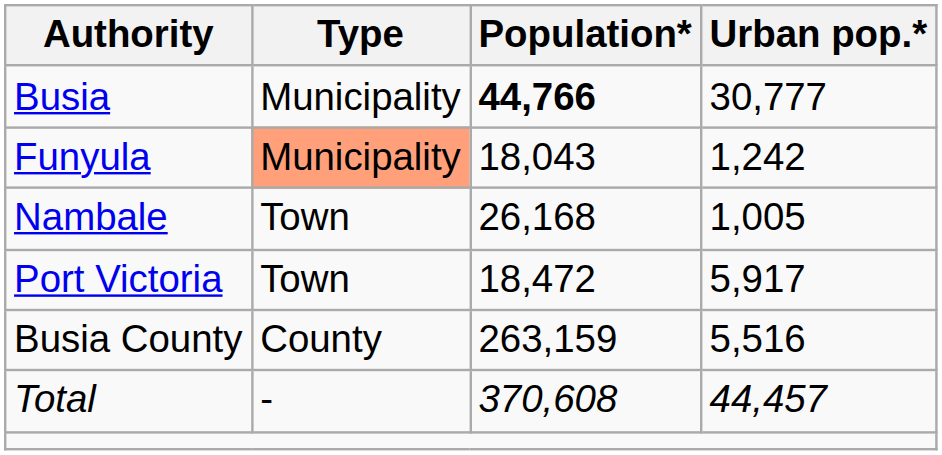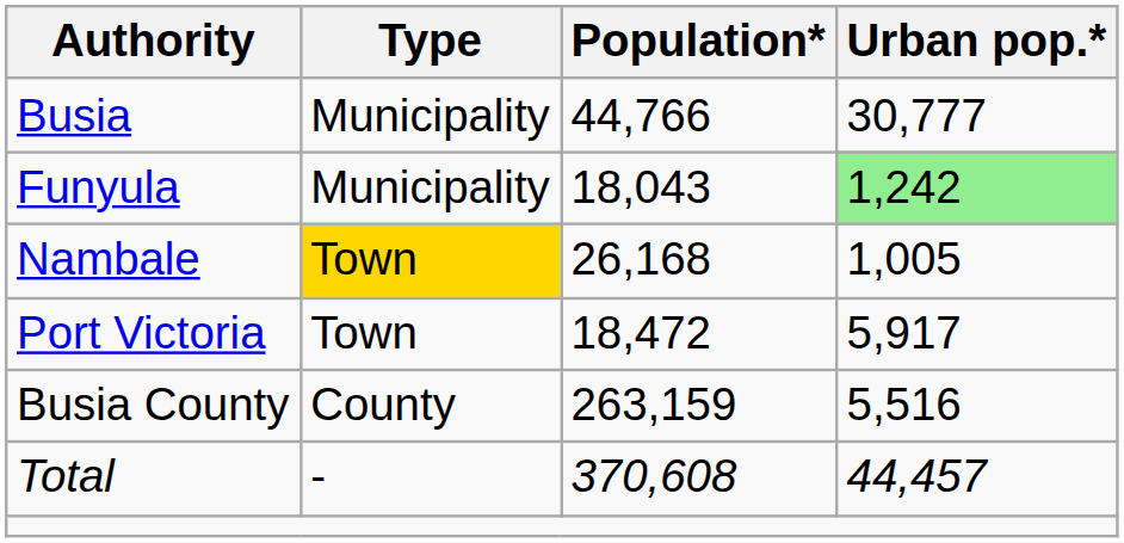 <table class="wikitable">
 <tr>
 <th>Authority</th>
 <th>Type</th>
 <th>Population*</th>
 <th>Urban pop.*</th>
 </tr>
 <tr>
 <td><a href='#'>Busia</a></td>
 <td>Municipality</td>
-<td><strong>44,766</strong></td>
+<td>44,766</td>
 <td>30,777</td>
 </tr>
 <tr>
 <td><a href='#'>Funyula</a></td>
-<td style="background: lightsalmon;">Municipality</td>
+<td>Municipality</td>
 <td>18,043</td>
-<td>1,242</td>
+<td style="background: lightgreen;">1,242</td>
 </tr>
 <tr>
 <td><a href='#'>Nambale</a></td>
-<td>Town</td>
+<td style="background: gold;">Town</td>
 <td>26,168</td>
 <td>1,005</td>
 </tr>
 <tr>
 <td><a href='#'>Port Victoria</a></td>
 <td>Town</td>
 <td>18,472</td>
 <td>5,917</td>
 </tr>
 <tr>
 <td>Busia County</td>
 <td>County</td>
 <td>263,159</td>
 <td>5,516</td>
 </tr>
 <tr>
 <td><em>Total</em></td>
 <td>-</td>
 <td><em>370,608</em></td>
 <td><em>44,457</em></td>
 </tr>
 <tr>
 <td colspan="4"></td>
 </tr>
 </table>
